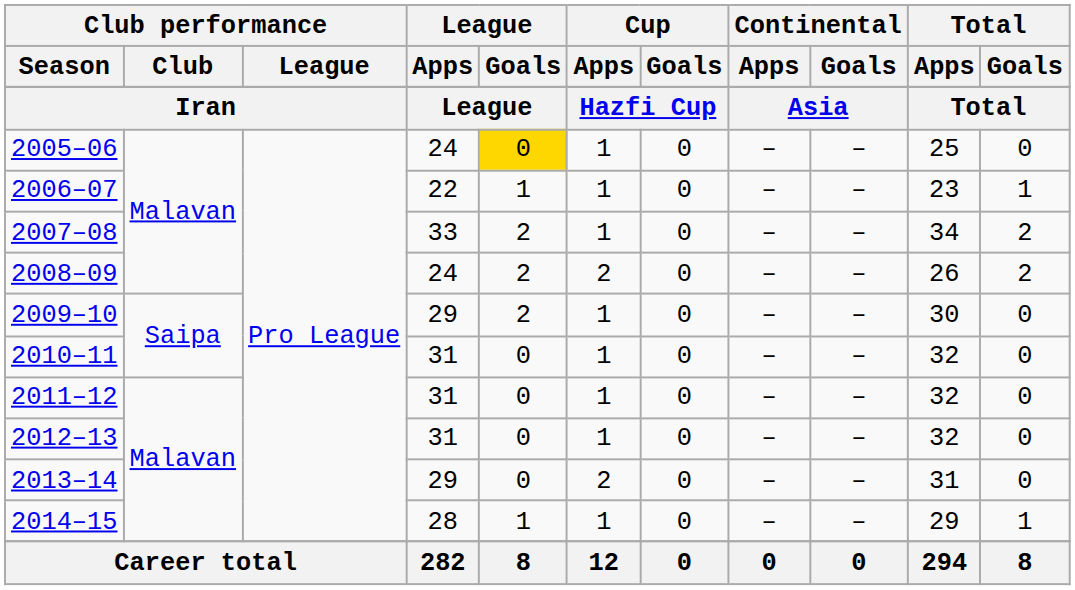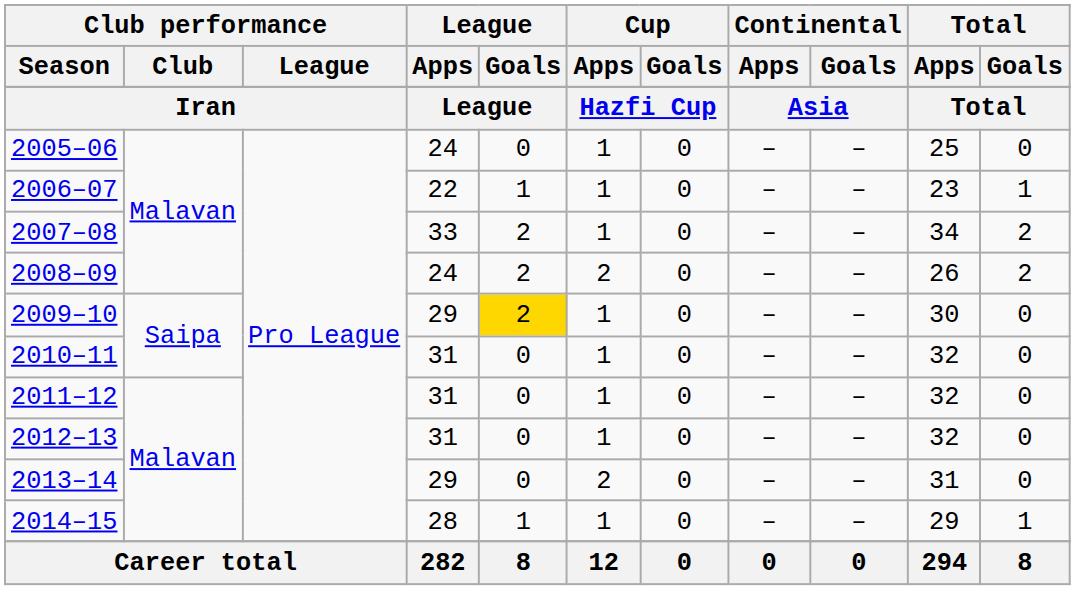 <table class="wikitable" style="text-align:center">
 <tr>
 <th colspan=3>Club performance</th>
 <th colspan=2>League</th>
 <th colspan=2>Cup</th>
 <th colspan=2>Continental</th>
 <th colspan=2>Total</th>
 </tr>
 <tr>
 <th>Season</th>
 <th>Club</th>
 <th>League</th>
 <th>Apps</th>
 <th>Goals</th>
 <th>Apps</th>
 <th>Goals</th>
 <th>Apps</th>
 <th>Goals</th>
 <th>Apps</th>
 <th>Goals</th>
 </tr>
 <tr>
 </tr>
 <tr>
 <th colspan=3>Iran</th>
 <th colspan=2>League</th>
 <th colspan=2><a href='#'>Hazfi Cup</a></th>
 <th colspan=2><a href='#'>Asia</a></th>
 <th colspan=2>Total</th>
 </tr>
 <tr>
 <td><a href='#'>2005–06</a></td>
 <td rowspan="4"><a href='#'>Malavan</a></td>
 <td rowspan="10"><a href='#'>Pro League</a></td>
 <td>24</td>
-<td style="background: gold;">0</td>
+<td>0</td>
 <td>1</td>
 <td>0</td>
 <td>–</td>
 <td>–</td>
 <td>25</td>
 <td>0</td>
 </tr>
 <tr>
 <td><a href='#'>2006–07</a></td>
 <td>22</td>
 <td>1</td>
 <td>1</td>
 <td>0</td>
 <td>–</td>
 <td>–</td>
 <td>23</td>
 <td>1</td>
 </tr>
 <tr>
 <td><a href='#'>2007–08</a></td>
 <td>33</td>
 <td>2</td>
 <td>1</td>
 <td>0</td>
 <td>–</td>
 <td>–</td>
 <td>34</td>
 <td>2</td>
 </tr>
 <tr>
 <td><a href='#'>2008–09</a></td>
 <td>24</td>
 <td>2</td>
 <td>2</td>
 <td>0</td>
 <td>–</td>
 <td>–</td>
 <td>26</td>
 <td>2</td>
 </tr>
 <tr>
 <td><a href='#'>2009–10</a></td>
 <td rowspan="2"><a href='#'>Saipa</a></td>
 <td>29</td>
-<td>2</td>
+<td style="background: gold;">2</td>
 <td>1</td>
 <td>0</td>
 <td>–</td>
 <td>–</td>
 <td>30</td>
 <td>0</td>
 </tr>
 <tr>
 <td><a href='#'>2010–11</a></td>
 <td>31</td>
 <td>0</td>
 <td>1</td>
 <td>0</td>
 <td>–</td>
 <td>–</td>
 <td>32</td>
 <td>0</td>
 </tr>
 <tr>
 <td><a href='#'>2011–12</a></td>
 <td rowspan="4"><a href='#'>Malavan</a></td>
 <td>31</td>
 <td>0</td>
 <td>1</td>
 <td>0</td>
 <td>–</td>
 <td>–</td>
 <td>32</td>
 <td>0</td>
 </tr>
 <tr>
 <td><a href='#'>2012–13</a></td>
 <td>31</td>
 <td>0</td>
 <td>1</td>
 <td>0</td>
 <td>–</td>
 <td>–</td>
 <td>32</td>
 <td>0</td>
 </tr>
 <tr>
 <td><a href='#'>2013–14</a></td>
 <td>29</td>
 <td>0</td>
 <td>2</td>
 <td>0</td>
 <td>–</td>
 <td>–</td>
 <td>31</td>
 <td>0</td>
 </tr>
 <tr>
 <td><a href='#'>2014–15</a></td>
 <td>28</td>
 <td>1</td>
 <td>1</td>
 <td>0</td>
 <td>–</td>
 <td>–</td>
 <td>29</td>
 <td>1</td>
 </tr>
 <tr>
 </tr>
 <tr>
 <th colspan=3>Career total</th>
 <th>282</th>
 <th>8</th>
 <th>12</th>
 <th>0</th>
 <th>0</th>
 <th>0</th>
 <th>294</th>
 <th>8</th>
 </tr>
 </table>
